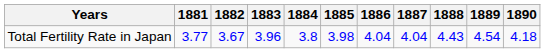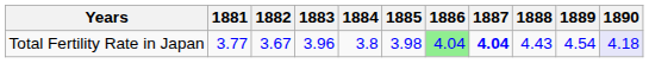 <table class="wikitable " style="text-align:right">
 <tr>
 <th>Years</th>
 <th>1881</th>
 <th>1882</th>
 <th>1883</th>
 <th>1884</th>
 <th>1885</th>
 <th>1886</th>
 <th>1887</th>
 <th>1888</th>
 <th>1889</th>
 <th>1890</th>
 </tr>
 <tr>
 <td align="left">Total Fertility Rate in Japan</td>
 <td style="text-align:right; color:blue;">3.77</td>
 <td style="text-align:right; color:blue;">3.67</td>
 <td style="text-align:right; color:blue;">3.96</td>
 <td style="text-align:right; color:blue;">3.8</td>
 <td style="text-align:right; color:blue;">3.98</td>
-<td style="text-align:right; color:blue;">4.04</td>
-<td style="text-align:right; color:blue;">4.04</td>
+<td style="background: lightgreen; text-align:right; color:blue;">4.04</td>
+<td style="text-align:right; color:blue;"><strong>4.04</strong></td>
 <td style="text-align:right; color:blue;">4.43</td>
 <td style="text-align:right; color:blue;">4.54</td>
-<td style="text-align:right; color:blue;">4.18</td>
+<td style="background: lavender; text-align:right; color:blue;">4.18</td>
 </tr>
 </table>
